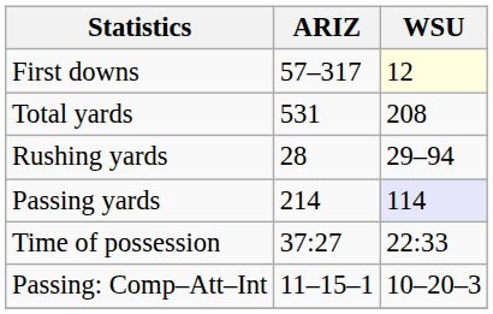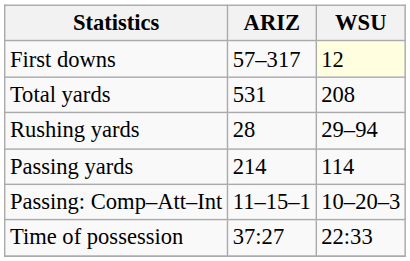 <table class="wikitable" style="float: left;">
 <tr>
 <th>Statistics</th>
 <th>ARIZ</th>
 <th>WSU</th>
 </tr>
 <tr>
 <td>First downs</td>
 <td>57–317</td>
 <td style="background: lightyellow;">12</td>
 </tr>
 <tr>
 <td>Total yards</td>
 <td>531</td>
 <td>208</td>
 </tr>
 <tr>
 <td>Rushing yards</td>
 <td>28</td>
 <td>29–94</td>
 </tr>
 <tr>
 <td>Passing yards</td>
 <td>214</td>
-<td style="background: lavender;">114</td>
+<td>114</td>
+</tr>
+<tr>
+<td>Passing: Comp–Att–Int</td>
+<td>11–15–1</td>
+<td>10–20–3</td>
 </tr>
 <tr>
 <td>Time of possession</td>
 <td>37:27</td>
 <td>22:33</td>
 </tr>
 <tr>
-<td>Passing: Comp–Att–Int</td>
-<td>11–15–1</td>
-<td>10–20–3</td>
-</tr>
-<tr>
 </tr>
 </table>
